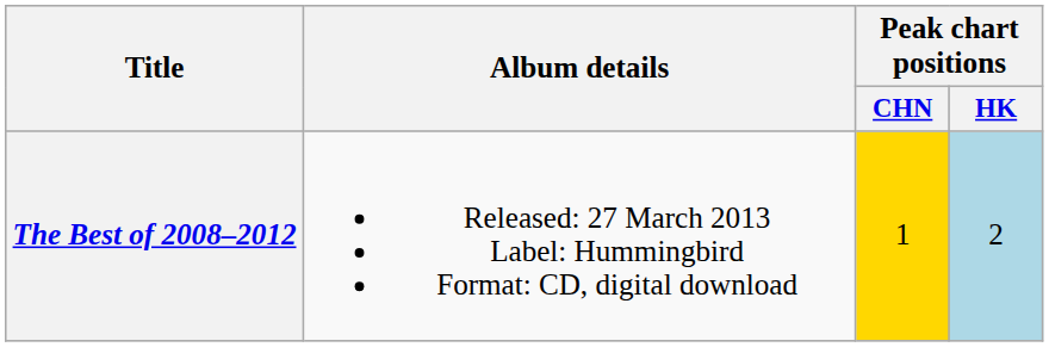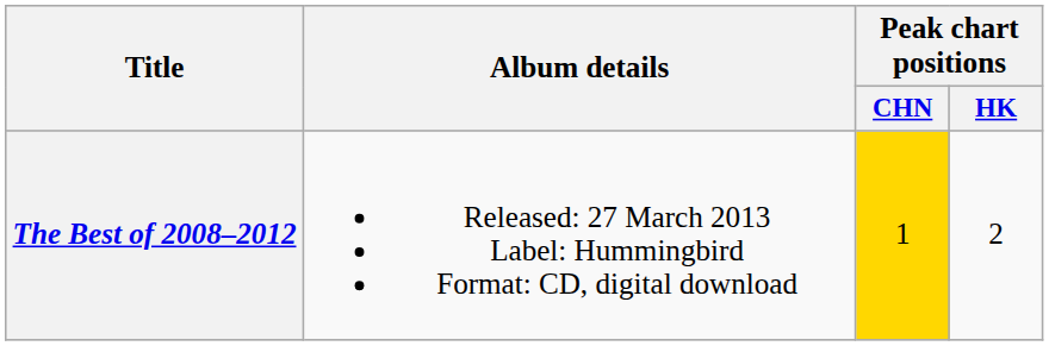 <table class="wikitable plainrowheaders" style="text-align:center;">
 <tr>
 <th rowspan="2">Title</th>
 <th rowspan="2" style="width:18em;">Album details</th>
 <th colspan="2">Peak chart positions</th>
 </tr>
 <tr>
 <th scope="col" style="width:3em;font-size:90%;"><a href='#'>CHN</a><br></th>
 <th scope="col" style="width:3em;font-size:90%;"><a href='#'>HK</a><br></th>
 </tr>
 <tr>
 <th scope="row"><em><a href='#'>The Best of 2008–2012</a></em></th>
 <td><br><ul><li>Released: 27 March 2013</li><li>Label: Hummingbird</li><li>Format: CD, digital download</li></ul></td>
 <td style="background: gold;">1</td>
-<td style="background: lightblue;">2</td>
+<td>2</td>
 </tr>
 </table>
